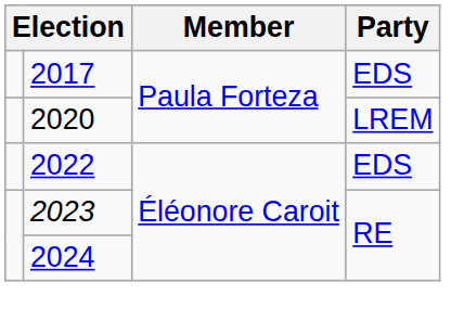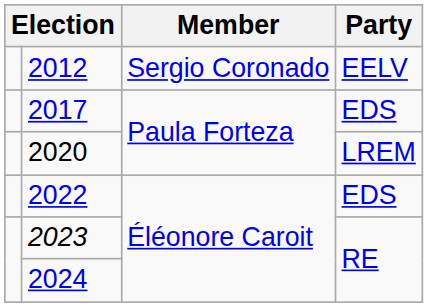 <table class="wikitable">
 <tr>
 <th colspan="2">Election</th>
 <th>Member</th>
 <th>Party</th>
+</tr>
+<tr>
+<td style="color:inherit;background-color: "></td>
+<td><a href='#'>2012</a></td>
+<td><a href='#'>Sergio Coronado</a></td>
+<td><a href='#'>EELV</a></td>
 </tr>
 <tr>
 <td style="color:inherit;background-color: "></td>
 <td><a href='#'>2017</a></td>
 <td rowspan=2><a href='#'>Paula Forteza</a></td>
 <td><a href='#'>EDS</a></td>
 </tr>
 <tr>
 <td style="color:inherit;background-color: "></td>
 <td>2020</td>
 <td><a href='#'>LREM</a></td>
 </tr>
 <tr>
 <td style="color:inherit;background-color: "></td>
 <td><a href='#'>2022</a></td>
 <td rowspan="3"><a href='#'>Éléonore Caroit</a></td>
 <td><a href='#'>EDS</a></td>
 </tr>
 <tr>
 <td rowspan="2" style="color:inherit;background-color: "></td>
 <td><em>2023</em></td>
 <td rowspan="2"><a href='#'>RE</a></td>
 </tr>
 <tr>
 <td><a href='#'>2024</a></td>
 </tr>
 </table>
